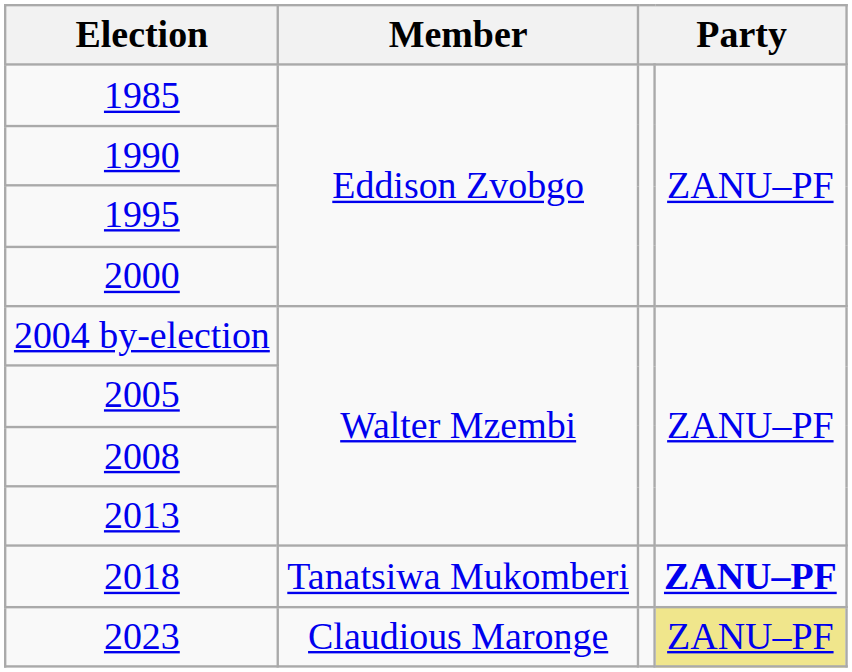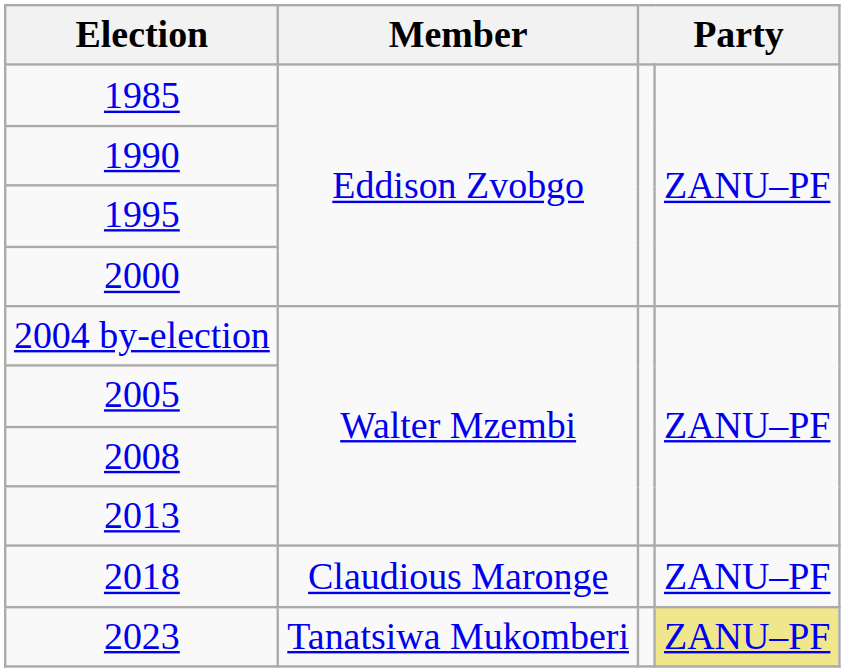 <table class="wikitable" style="text-align:center">
 <tr>
 <th>Election</th>
 <th>Member</th>
 <th colspan="2">Party</th>
 </tr>
 <tr>
 <td><a href='#'>1985</a></td>
 <td rowspan="4"><a href='#'>Eddison Zvobgo</a></td>
 <td rowspan="4" style="background-color: "></td>
 <td rowspan="4"><a href='#'>ZANU–PF</a></td>
 </tr>
 <tr>
 <td><a href='#'>1990</a></td>
 </tr>
 <tr>
 <td><a href='#'>1995</a></td>
 </tr>
 <tr>
 <td><a href='#'>2000</a></td>
 </tr>
 <tr>
 <td><a href='#'>2004 by-election</a></td>
 <td rowspan="4"><a href='#'>Walter Mzembi</a></td>
 <td rowspan="4" style="background-color: "></td>
 <td rowspan="4"><a href='#'>ZANU–PF</a></td>
 </tr>
 <tr>
 <td><a href='#'>2005</a></td>
 </tr>
 <tr>
 <td><a href='#'>2008</a></td>
 </tr>
 <tr>
 <td><a href='#'>2013</a></td>
 </tr>
 <tr>
 <td><a href='#'>2018</a></td>
-<td><a href='#'>Tanatsiwa Mukomberi</a></td>
+<td><a href='#'>Claudious Maronge</a></td>
 <td style="background-color: "></td>
-<td><strong><a href='#'>ZANU–PF</a></strong></td>
+<td><a href='#'>ZANU–PF</a></td>
 </tr>
 <tr>
 <td><a href='#'>2023</a></td>
-<td><a href='#'>Claudious Maronge</a></td>
+<td><a href='#'>Tanatsiwa Mukomberi</a></td>
 <td style="background-color: "></td>
 <td style="background: khaki;"><a href='#'>ZANU–PF</a></td>
 </tr>
 </table>
